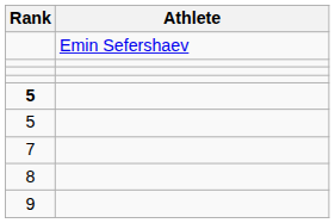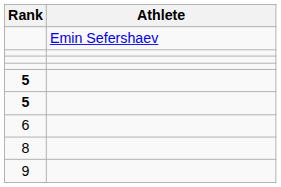 <table class="wikitable" style="text-align: center;">
 <tr>
 <th width=40>Rank</th>
 <th width=250>Athlete</th>
 </tr>
 <tr>
 <td></td>
 <td align="left"> <a href='#'>Emin Sefershaev</a> </td>
 </tr>
 <tr>
 <td></td>
 <td align="left"></td>
 </tr>
 <tr>
 <td></td>
 <td align="left"></td>
 </tr>
 <tr>
 <td></td>
 <td align="left"></td>
 </tr>
 <tr>
 <td><strong>5</strong></td>
 <td align="left"></td>
 </tr>
 <tr>
-<td>5</td>
+<td><strong>5</strong></td>
 <td align="left"></td>
 </tr>
 <tr>
-<td>7</td>
+<td>6</td>
 <td align="left"></td>
 </tr>
 <tr>
 <td>8</td>
 <td align="left"></td>
 </tr>
 <tr>
 <td>9</td>
 <td align="left"></td>
 </tr>
 </table>
